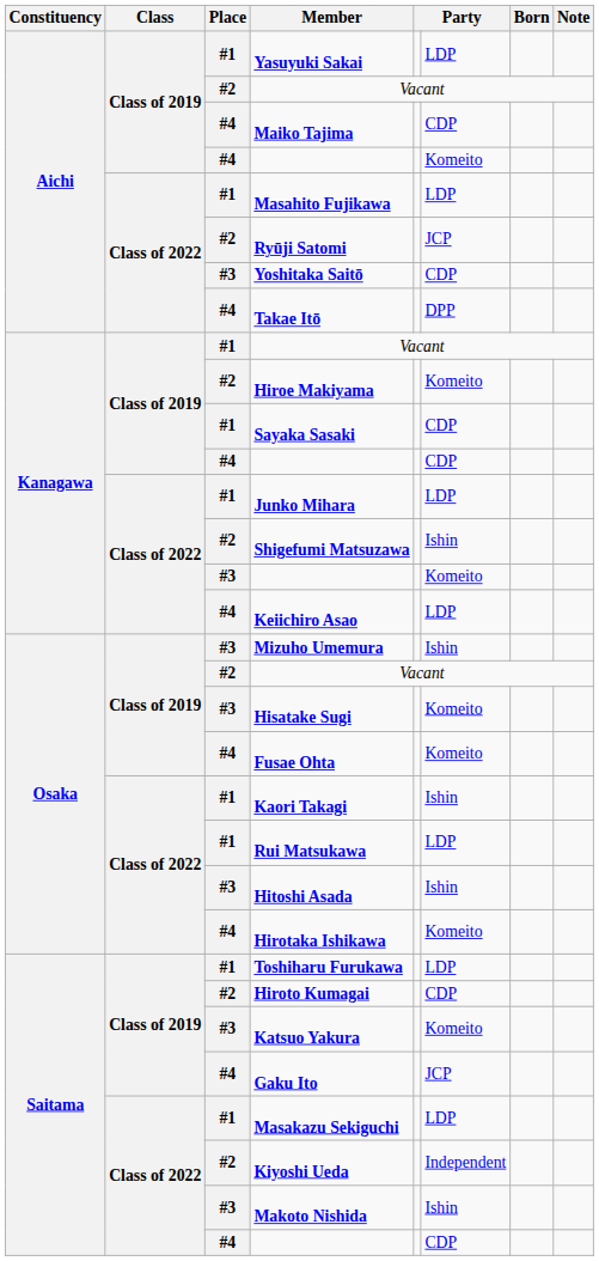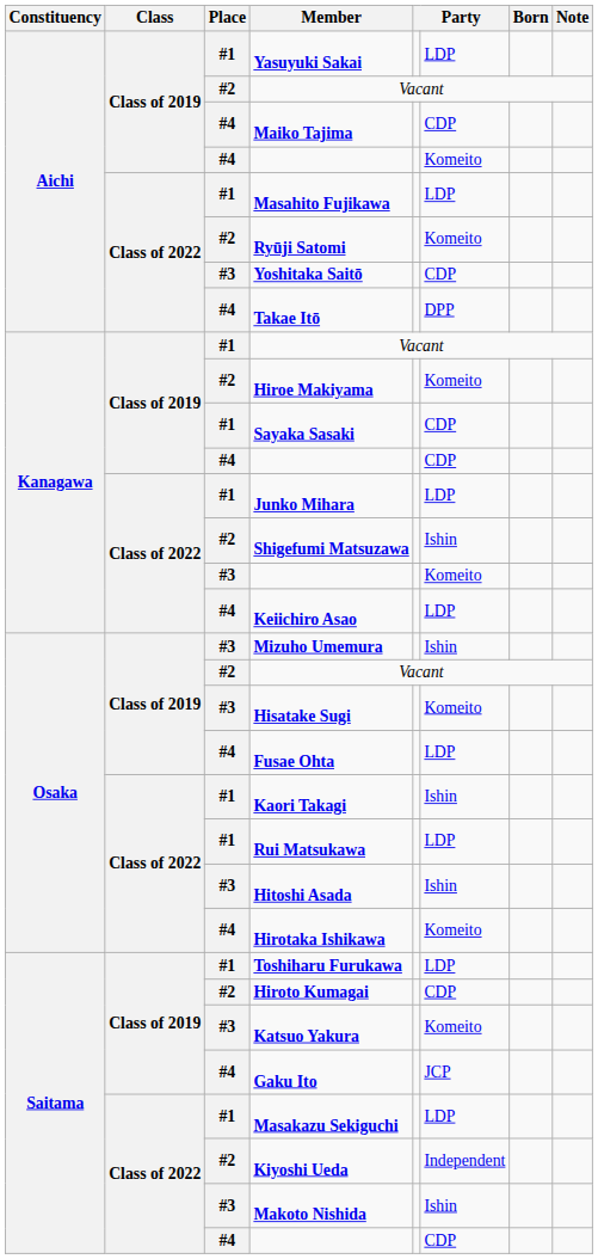 <table class="wikitable sortable plainrowheaders" id="votingmembers">
 <tr style="vertical-align:bottom">
 <th>Constituency</th>
 <th>Class</th>
 <th>Place</th>
 <th>Member</th>
 <th colspan=2>Party</th>
 <th>Born</th>
 <th>Note</th>
 </tr>
 <tr>
 <th rowspan=8><a href='#'>Aichi</a></th>
 <th rowspan=4>Class of 2019</th>
 <th>#1</th>
 <td><br><strong><a href='#'>Yasuyuki Sakai</a></strong></td>
 <td style="background-color:"></td>
 <td><a href='#'>LDP</a></td>
 <td></td>
 <td></td>
 </tr>
 <tr>
 <th>#2</th>
 <td colspan=5 style="text-align:center;"><em>Vacant</em></td>
 </tr>
 <tr>
 <th>#4</th>
 <td><br><strong><a href='#'>Maiko Tajima</a></strong></td>
 <td style="background-color:"></td>
 <td><a href='#'>CDP</a></td>
 <td></td>
 <td></td>
 </tr>
 <tr>
 <th>#4</th>
 <td><br><strong></strong></td>
 <td style="background-color:"></td>
 <td><a href='#'>Komeito</a></td>
 <td></td>
 <td></td>
 </tr>
 <tr>
 <th rowspan=4>Class of 2022</th>
 <th>#1</th>
 <td><br><strong><a href='#'>Masahito Fujikawa</a></strong></td>
 <td style="background-color:"></td>
 <td><a href='#'>LDP</a></td>
 <td></td>
 <td></td>
 </tr>
 <tr>
 <th>#2</th>
 <td><br><strong><a href='#'>Ryūji Satomi</a></strong></td>
 <td style="background-color:"></td>
-<td><a href='#'>JCP</a></td>
+<td><a href='#'>Komeito</a></td>
 <td></td>
 <td></td>
 </tr>
 <tr>
 <th>#3</th>
 <td><strong><a href='#'>Yoshitaka Saitō</a></strong></td>
 <td style="background-color:"></td>
 <td><a href='#'>CDP</a></td>
 <td></td>
 <td></td>
 </tr>
 <tr>
 <th>#4</th>
 <td><br><strong><a href='#'>Takae Itō</a></strong></td>
 <td style="background-color:"></td>
 <td><a href='#'>DPP</a></td>
 <td></td>
 <td></td>
 </tr>
 <tr>
 <th rowspan=8><a href='#'>Kanagawa</a></th>
 <th rowspan=4>Class of 2019</th>
 <th>#1</th>
 <td colspan=5 style="text-align:center;"><em>Vacant</em></td>
 </tr>
 <tr>
 <th>#2</th>
 <td><br><strong><a href='#'>Hiroe Makiyama</a></strong></td>
 <td style="background-color:"></td>
 <td><a href='#'>Komeito</a></td>
 <td></td>
 <td></td>
 </tr>
 <tr>
 <th>#1</th>
 <td><br><strong><a href='#'>Sayaka Sasaki</a></strong></td>
 <td style="background-color:"></td>
 <td><a href='#'>CDP</a></td>
 <td></td>
 <td></td>
 </tr>
 <tr>
 <th>#4</th>
 <td><br><strong></strong></td>
 <td style="background-color:"></td>
 <td><a href='#'>CDP</a></td>
 <td></td>
 <td></td>
 </tr>
 <tr>
 <th rowspan=4>Class of 2022</th>
 <th>#1</th>
 <td><br><strong><a href='#'>Junko Mihara</a></strong></td>
 <td style="background-color:"></td>
 <td><a href='#'>LDP</a></td>
 <td></td>
 <td></td>
 </tr>
 <tr>
 <th>#2</th>
 <td><br><strong><a href='#'>Shigefumi Matsuzawa</a></strong></td>
 <td style="background-color:"></td>
 <td><a href='#'>Ishin</a></td>
 <td></td>
 <td></td>
 </tr>
 <tr>
 <th>#3</th>
 <td><strong></strong></td>
 <td style="background-color:"></td>
 <td><a href='#'>Komeito</a></td>
 <td></td>
 <td></td>
 </tr>
 <tr>
 <th>#4</th>
 <td><br><strong><a href='#'>Keiichiro Asao</a></strong></td>
 <td style="background-color:"></td>
 <td><a href='#'>LDP</a></td>
 <td></td>
 <td></td>
 </tr>
 <tr>
 <th rowspan=8><a href='#'>Osaka</a></th>
 <th rowspan=4>Class of 2019</th>
 <th>#3</th>
 <td><strong><a href='#'>Mizuho Umemura</a></strong></td>
 <td style="background-color:"></td>
 <td><a href='#'>Ishin</a></td>
 <td></td>
 <td></td>
 </tr>
 <tr>
 <th>#2</th>
 <td colspan=5 style="text-align:center;"><em>Vacant</em></td>
 </tr>
 <tr>
 <th>#3</th>
 <td><br><strong><a href='#'>Hisatake Sugi</a></strong></td>
 <td style="background-color:"></td>
 <td><a href='#'>Komeito</a></td>
 <td></td>
 <td></td>
 </tr>
 <tr>
 <th>#4</th>
 <td><br><strong><a href='#'>Fusae Ohta</a></strong></td>
 <td style="background-color:"></td>
-<td><a href='#'>Komeito</a></td>
+<td><a href='#'>LDP</a></td>
 <td></td>
 <td></td>
 </tr>
 <tr>
 <th rowspan=4>Class of 2022</th>
 <th>#1</th>
 <td><br><strong><a href='#'>Kaori Takagi</a></strong></td>
 <td style="background-color:"></td>
 <td><a href='#'>Ishin</a></td>
 <td></td>
 <td></td>
 </tr>
 <tr>
 <th>#1</th>
 <td><br><strong><a href='#'>Rui Matsukawa</a></strong></td>
 <td style="background-color:"></td>
 <td><a href='#'>LDP</a></td>
 <td></td>
 <td></td>
 </tr>
 <tr>
 <th>#3</th>
 <td><br><strong><a href='#'>Hitoshi Asada</a></strong></td>
 <td style="background-color:"></td>
 <td><a href='#'>Ishin</a></td>
 <td></td>
 <td></td>
 </tr>
 <tr>
 <th>#4</th>
 <td><br><strong><a href='#'>Hirotaka Ishikawa</a></strong></td>
 <td style="background-color:"></td>
 <td><a href='#'>Komeito</a></td>
 <td></td>
 <td></td>
 </tr>
 <tr>
 <th rowspan=8><a href='#'>Saitama</a></th>
 <th rowspan=4>Class of 2019</th>
 <th>#1</th>
 <td><strong><a href='#'>Toshiharu Furukawa</a></strong></td>
 <td style="background-color:"></td>
 <td><a href='#'>LDP</a></td>
 <td></td>
 <td></td>
 </tr>
 <tr>
 <th>#2</th>
 <td><strong><a href='#'>Hiroto Kumagai</a></strong></td>
 <td style="background-color:"></td>
 <td><a href='#'>CDP</a></td>
 <td></td>
 <td></td>
 </tr>
 <tr>
 <th>#3</th>
 <td><br><strong><a href='#'>Katsuo Yakura</a></strong></td>
 <td style="background-color:"></td>
 <td><a href='#'>Komeito</a></td>
 <td></td>
 <td></td>
 </tr>
 <tr>
 <th>#4</th>
 <td><br><strong><a href='#'>Gaku Ito</a></strong></td>
 <td style="background-color:"></td>
 <td><a href='#'>JCP</a></td>
 <td></td>
 <td></td>
 </tr>
 <tr>
 <th rowspan=4>Class of 2022</th>
 <th>#1</th>
 <td><br><strong><a href='#'>Masakazu Sekiguchi</a></strong></td>
 <td style="background-color:"></td>
 <td><a href='#'>LDP</a></td>
 <td></td>
 <td></td>
 </tr>
 <tr>
 <th>#2</th>
 <td><br><strong><a href='#'>Kiyoshi Ueda</a></strong></td>
 <td style="background-color:"></td>
 <td><a href='#'>Independent</a></td>
 <td></td>
 <td></td>
 </tr>
 <tr>
 <th>#3</th>
 <td><br><strong><a href='#'>Makoto Nishida</a></strong></td>
 <td style="background-color:"></td>
 <td><a href='#'>Ishin</a></td>
 <td></td>
 <td></td>
 </tr>
 <tr>
 <th>#4</th>
 <td><strong></strong></td>
 <td style="background-color:"></td>
 <td><a href='#'>CDP</a></td>
 <td></td>
 <td></td>
 </tr>
 </table>
